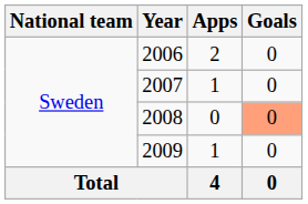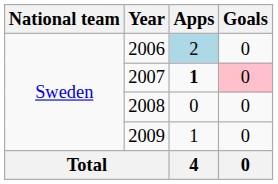 <table class="wikitable" style="text-align:center">
 <tr>
 <th>National team</th>
 <th>Year</th>
 <th>Apps</th>
 <th>Goals</th>
 </tr>
 <tr>
 <td rowspan="4"><a href='#'>Sweden</a></td>
 <td>2006</td>
-<td>2</td>
+<td style="background: lightblue;">2</td>
 <td>0</td>
 </tr>
 <tr>
 <td>2007</td>
-<td>1</td>
-<td>0</td>
+<td><strong>1</strong></td>
+<td style="background: pink;">0</td>
 </tr>
 <tr>
 <td>2008</td>
 <td>0</td>
-<td style="background: lightsalmon;">0</td>
+<td>0</td>
 </tr>
 <tr>
 <td>2009</td>
 <td>1</td>
 <td>0</td>
 </tr>
 <tr>
 <th colspan="2">Total</th>
 <th>4</th>
 <th>0</th>
 </tr>
 </table>
